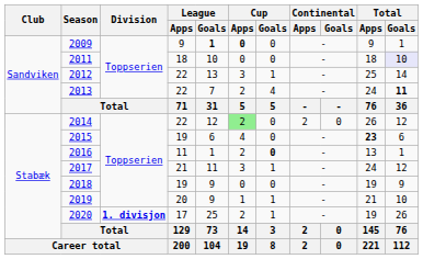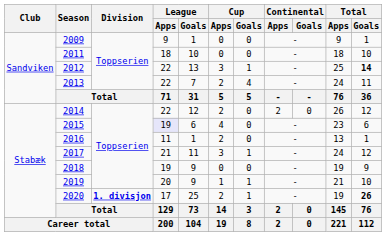 <table class="wikitable" style="text-align: center;">
 <tr>
 <th rowspan="2">Club</th>
 <th rowspan="2">Season</th>
 <th rowspan="2">Division</th>
 <th colspan="2">League</th>
 <th colspan="2">Cup</th>
 <th colspan="2">Continental</th>
 <th colspan="2">Total</th>
 </tr>
 <tr>
 <th>Apps</th>
 <th>Goals</th>
 <th>Apps</th>
 <th>Goals</th>
 <th>Apps</th>
 <th>Goals</th>
 <th>Apps</th>
 <th>Goals</th>
 </tr>
 <tr>
 <td rowspan="5" valign="center"><a href='#'>Sandviken</a></td>
 <td><a href='#'>2009</a></td>
 <td rowspan="4" valign="center"><a href='#'>Toppserien</a></td>
 <td>9</td>
-<td><strong>1</strong></td>
-<td><strong>0</strong></td>
+<td>1</td>
+<td>0</td>
 <td>0</td>
 <td colspan="2">-</td>
 <td>9</td>
 <td>1</td>
 </tr>
 <tr>
 <td><a href='#'>2011</a></td>
 <td>18</td>
 <td>10</td>
 <td>0</td>
 <td>0</td>
 <td colspan="2">-</td>
 <td>18</td>
-<td style="background: lavender;">10</td>
+<td>10</td>
 </tr>
 <tr>
 <td><a href='#'>2012</a></td>
 <td>22</td>
 <td>13</td>
 <td>3</td>
 <td>1</td>
 <td colspan="2">-</td>
 <td>25</td>
-<td>14</td>
+<td><strong>14</strong></td>
 </tr>
 <tr>
 <td><a href='#'>2013</a></td>
 <td>22</td>
 <td>7</td>
 <td>2</td>
 <td>4</td>
 <td colspan="2">-</td>
 <td>24</td>
-<td><strong>11</strong></td>
+<td>11</td>
 </tr>
 <tr>
 <th colspan="2">Total</th>
 <th>71</th>
 <th>31</th>
 <th>5</th>
 <th>5</th>
 <th>-</th>
 <th>-</th>
 <th>76</th>
 <th>36</th>
 </tr>
 <tr>
 <td rowspan="8" valign="center"><a href='#'>Stabæk</a></td>
 <td><a href='#'>2014</a></td>
 <td rowspan="6" valign="center"><a href='#'>Toppserien</a></td>
 <td>22</td>
 <td>12</td>
-<td style="background: lightgreen;">2</td>
+<td>2</td>
 <td>0</td>
 <td>2</td>
 <td>0</td>
 <td>26</td>
 <td>12</td>
 </tr>
 <tr>
 <td><a href='#'>2015</a></td>
-<td>19</td>
+<td style="background: lavender;">19</td>
 <td>6</td>
 <td>4</td>
 <td>0</td>
 <td colspan="2">-</td>
-<td><strong>23</strong></td>
+<td>23</td>
 <td>6</td>
 </tr>
 <tr>
 <td><a href='#'>2016</a></td>
 <td>11</td>
 <td>1</td>
 <td>2</td>
-<td><strong>0</strong></td>
+<td>0</td>
 <td colspan="2">-</td>
 <td>13</td>
 <td>1</td>
 </tr>
 <tr>
 <td><a href='#'>2017</a></td>
 <td>21</td>
 <td>11</td>
 <td>3</td>
 <td>1</td>
 <td colspan="2">-</td>
 <td>24</td>
 <td>12</td>
 </tr>
 <tr>
 <td><a href='#'>2018</a></td>
 <td>19</td>
 <td>9</td>
 <td>0</td>
 <td>0</td>
 <td colspan="2">-</td>
 <td>19</td>
 <td>9</td>
 </tr>
 <tr>
 <td><a href='#'>2019</a></td>
 <td>20</td>
 <td>9</td>
 <td>1</td>
 <td>1</td>
 <td colspan="2">-</td>
 <td>21</td>
 <td>10</td>
 </tr>
 <tr>
 <td><a href='#'>2020</a></td>
 <td rowspan="1" valign="center"><strong><a href='#'>1. divisjon</a></strong></td>
 <td>17</td>
 <td>25</td>
 <td>2</td>
 <td>1</td>
 <td colspan="2">-</td>
 <td>19</td>
-<td>26</td>
+<td><strong>26</strong></td>
 </tr>
 <tr>
 <th colspan="2">Total</th>
 <th>129</th>
 <th>73</th>
 <th>14</th>
 <th>3</th>
 <th>2</th>
 <th>0</th>
 <th>145</th>
 <th>76</th>
 </tr>
 <tr>
 <th colspan="3">Career total</th>
 <th>200</th>
 <th>104</th>
 <th>19</th>
 <th>8</th>
 <th>2</th>
 <th>0</th>
 <th>221</th>
 <th>112</th>
 </tr>
 </table>
